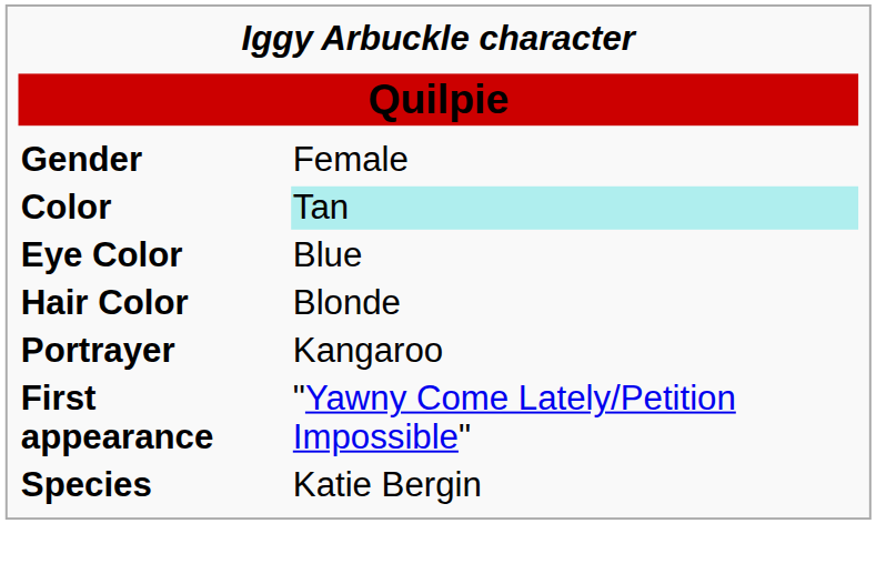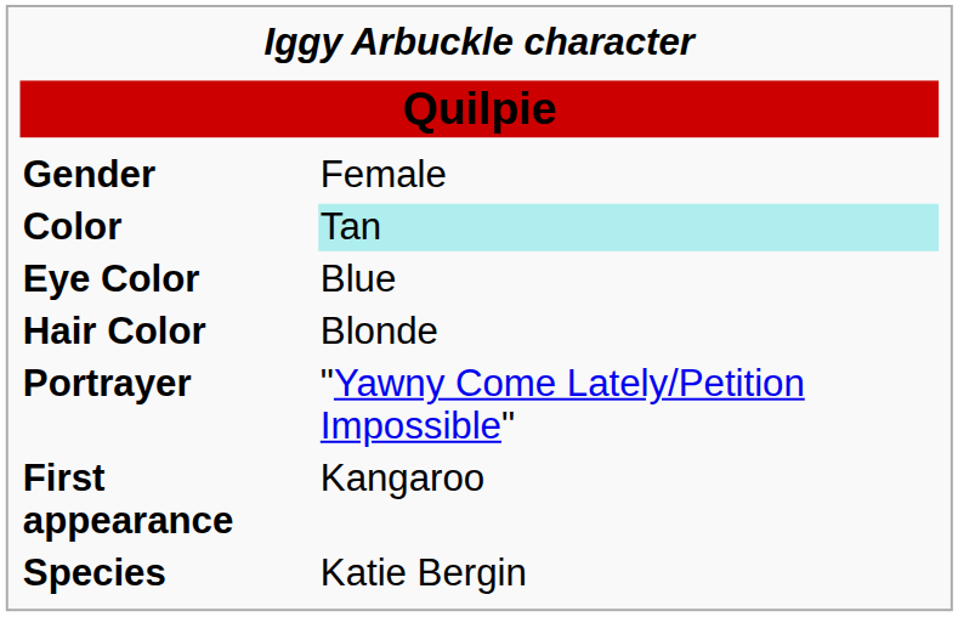 <table class="infobox" style="width: 25em;">
 <tr>
 <td colspan="2" style="text-align:center;"><strong><em>Iggy Arbuckle character</em></strong></td>
 </tr>
 <tr>
 <td colspan="2" style="text-align:center;"></td>
 </tr>
 <tr>
 <th colspan="2" style="font-size: larger; background-color:#c00; color:#000;"><strong>Quilpie</strong></th>
 </tr>
 <tr>
 <td colspan="2"></td>
 </tr>
 <tr>
 <td><strong>Gender</strong></td>
 <td>Female</td>
 </tr>
 <tr>
 <td><strong>Color</strong></td>
 <td style="background: paleturquoise;">Tan</td>
 </tr>
 <tr>
 <td><strong>Eye Color</strong></td>
 <td>Blue</td>
 </tr>
 <tr>
 <td><strong>Hair Color</strong></td>
 <td>Blonde</td>
 </tr>
 <tr>
 <td><strong>Portrayer</strong></td>
-<td>Kangaroo</td>
+<td>"<a href='#'>Yawny Come Lately/Petition Impossible</a>"</td>
 </tr>
 <tr>
 <td><strong>First appearance</strong></td>
-<td>"<a href='#'>Yawny Come Lately/Petition Impossible</a>"</td>
+<td>Kangaroo</td>
 </tr>
 <tr>
 <td><strong>Species</strong></td>
 <td>Katie Bergin</td>
 </tr>
 </table>
